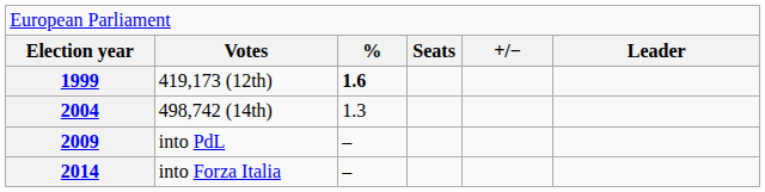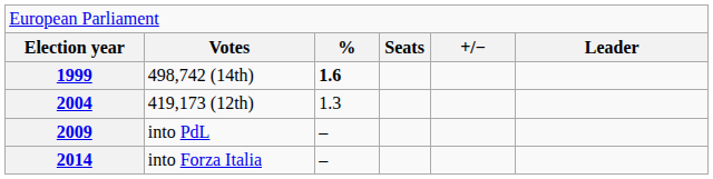 <table class="wikitable" style="width:50%; border:1px #aaf solid;">
 <tr>
 <td colspan=7><a href='#'>European Parliament</a></td>
 </tr>
 <tr>
 <th style="width:13%;">Election year</th>
 <th style="width:16%;">Votes</th>
 <th width=6%>%</th>
 <th width=1%>Seats</th>
 <th width=8%>+/−</th>
 <th style="width:18%;">Leader</th>
 </tr>
 <tr>
 <th><a href='#'>1999</a></th>
-<td>419,173 (12th)</td>
+<td>498,742 (14th)</td>
 <td><strong>1.6</strong></td>
 <td></td>
 <td></td>
 <td></td>
 </tr>
 <tr>
 <th><a href='#'>2004</a></th>
-<td>498,742 (14th)</td>
+<td>419,173 (12th)</td>
 <td>1.3</td>
 <td></td>
 <td></td>
 <td></td>
 </tr>
 <tr>
 <th><a href='#'>2009</a></th>
 <td>into <a href='#'>PdL</a></td>
 <td>–</td>
 <td></td>
 <td></td>
 <td></td>
 </tr>
 <tr>
 <th><a href='#'>2014</a></th>
 <td>into <a href='#'>Forza Italia</a></td>
 <td>–</td>
 <td></td>
 <td></td>
 <td></td>
 </tr>
 </table>
